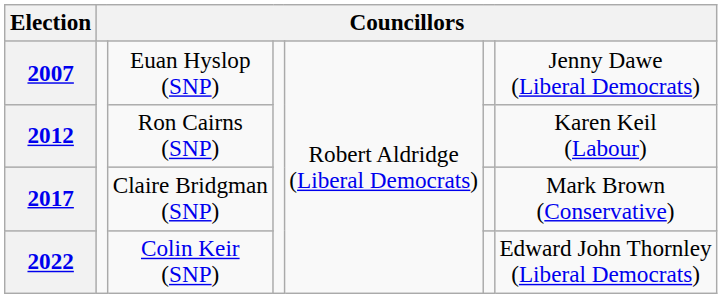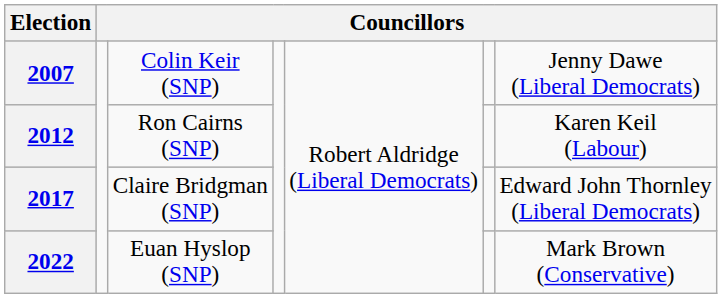 <table class="wikitable" style="text-align:center">
 <tr>
 <th>Election</th>
 <th colspan=8>Councillors</th>
 </tr>
 <tr>
 <th><a href='#'>2007</a></th>
 <td rowspan=4; style="background-color: "></td>
-<td rowspan=1>Euan Hyslop<br>(<a href='#'>SNP</a>)</td>
+<td rowspan=1><a href='#'>Colin Keir</a><br>(<a href='#'>SNP</a>)</td>
 <td rowspan=4; style="background-color: "></td>
 <td rowspan=4>Robert Aldridge<br>(<a href='#'>Liberal Democrats</a>)</td>
 <td rowspan=1; style="background-color: "></td>
 <td rowspan=1>Jenny Dawe<br>(<a href='#'>Liberal Democrats</a>)</td>
 </tr>
 <tr>
 <th><a href='#'>2012</a></th>
 <td rowspan=1>Ron Cairns<br>(<a href='#'>SNP</a>)</td>
 <td rowspan=1; style="background-color: "></td>
 <td rowspan=1>Karen Keil<br>(<a href='#'>Labour</a>)</td>
 </tr>
 <tr>
 <th><a href='#'>2017</a></th>
 <td rowspan=1>Claire Bridgman<br>(<a href='#'>SNP</a>)</td>
 <td rowspan=1; style="background-color: "></td>
-<td rowspan=1>Mark Brown<br>(<a href='#'>Conservative</a>)</td>
+<td rowspan=1>Edward John Thornley<br>(<a href='#'>Liberal Democrats</a>)</td>
 </tr>
 <tr>
 <th><a href='#'>2022</a></th>
-<td rowspan=1><a href='#'>Colin Keir</a><br>(<a href='#'>SNP</a>)</td>
+<td rowspan=1>Euan Hyslop<br>(<a href='#'>SNP</a>)</td>
 <td rowspan=1; style="background-color: "></td>
-<td rowspan=1>Edward John Thornley<br>(<a href='#'>Liberal Democrats</a>)</td>
+<td rowspan=1>Mark Brown<br>(<a href='#'>Conservative</a>)</td>
 </tr>
 </table>
